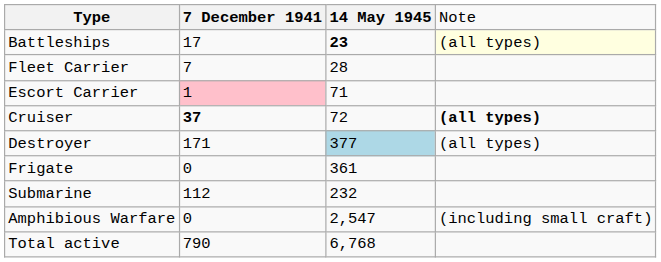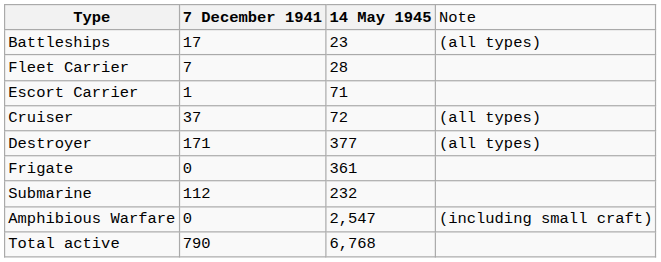 <table class="wikitable">
 <tr>
 <th>Type</th>
 <th>7 December 1941</th>
 <th>14 May 1945</th>
 <td>Note</td>
 </tr>
 <tr>
 <td>Battleships</td>
 <td>17</td>
-<td><strong>23</strong></td>
-<td style="background: lightyellow;">(all types)</td>
+<td>23</td>
+<td>(all types)</td>
 </tr>
 <tr>
 <td>Fleet Carrier</td>
 <td>7</td>
 <td>28</td>
 <td></td>
 </tr>
 <tr>
 <td>Escort Carrier</td>
-<td style="background: pink;">1</td>
+<td>1</td>
 <td>71</td>
 <td></td>
 </tr>
 <tr>
 <td>Cruiser</td>
-<td><strong>37</strong></td>
+<td>37</td>
 <td>72</td>
-<td><strong>(all types)</strong></td>
+<td>(all types)</td>
 </tr>
 <tr>
 <td>Destroyer</td>
 <td>171</td>
-<td style="background: lightblue;">377</td>
+<td>377</td>
 <td>(all types)</td>
 </tr>
 <tr>
 <td>Frigate</td>
 <td>0</td>
 <td>361</td>
 <td></td>
 </tr>
 <tr>
 <td>Submarine</td>
 <td>112</td>
 <td>232</td>
 <td></td>
 </tr>
 <tr>
 <td>Amphibious Warfare</td>
 <td>0</td>
 <td>2,547</td>
 <td>(including small craft)</td>
 </tr>
 <tr>
 <td>Total active</td>
 <td>790</td>
 <td>6,768</td>
 <td></td>
 </tr>
 </table>
